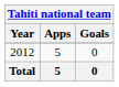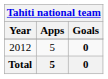 <table class="wikitable" style="text-align:center">
 <tr>
 <th colspan=3><a href='#'>Tahiti national team</a></th>
 </tr>
 <tr>
 <th>Year</th>
 <th>Apps</th>
 <th>Goals</th>
 </tr>
 <tr>
 </tr>
 <tr>
 <td>2012</td>
 <td>5</td>
-<td>0</td>
+<td><strong>0</strong></td>
 </tr>
 <tr>
 <th>Total</th>
 <th>5</th>
 <th>0</th>
 </tr>
 </table>
